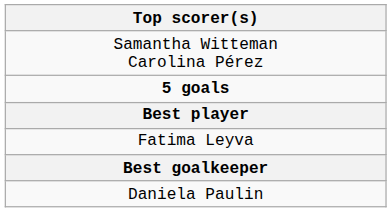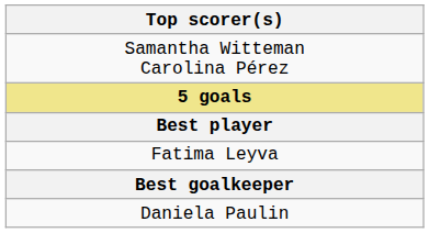 <table class="wikitable" style="margin: 1em auto 1em auto;">
 <tr>
 <th width=300>Top scorer(s)</th>
 </tr>
 <tr align=center style="background:">
 <td style="text-align:center;"> Samantha Witteman<br> Carolina Pérez</td>
 </tr>
 <tr>
-<td style="text-align:center;"><strong>5 goals</strong></td>
+<td style="background: khaki; text-align:center;"><strong>5 goals</strong></td>
 </tr>
 <tr>
 <th>Best player</th>
 </tr>
 <tr>
 <td style="text-align:center;"> Fatima Leyva</td>
 </tr>
 <tr>
 <th>Best goalkeeper</th>
 </tr>
 <tr>
 <td style="text-align:center;"> Daniela Paulin</td>
 </tr>
 </table>
